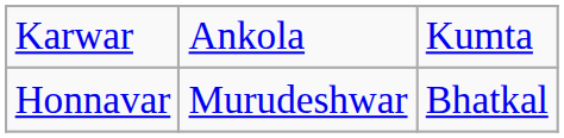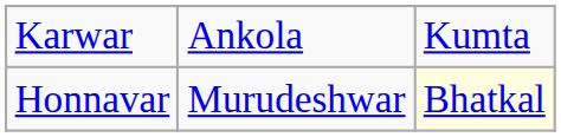 <table class="wikitable">
 <tr>
 <td><a href='#'>Karwar</a></td>
 <td><a href='#'>Ankola</a></td>
 <td><a href='#'>Kumta</a></td>
 </tr>
 <tr>
 <td><a href='#'>Honnavar</a></td>
 <td><a href='#'>Murudeshwar</a></td>
-<td><a href='#'>Bhatkal</a></td>
+<td style="background: lightyellow;"><a href='#'>Bhatkal</a></td>
 </tr>
 </table>
